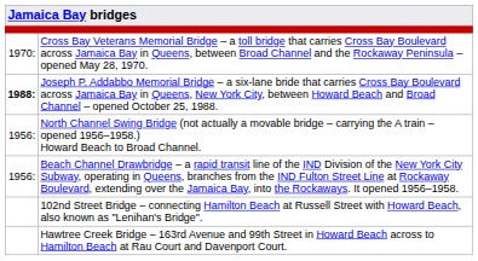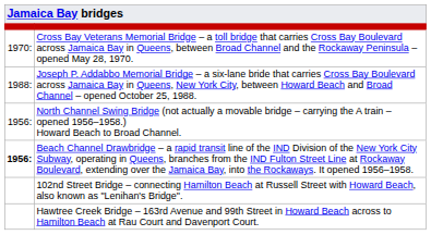 <table class="wikitable sortable collapsible static-row-numbers"; cellpadding="1" style="color: black; background-color: #FFFFFF; font-size: 90%; width:100%">
 <tr class="static-row-header" style="text-align:center;vertical-align:bottom;">
 <th style="text-align:left; background:#eaecf0; border-style: solid; border-width: 0px 0px 0px 0px" colspan=2><big><strong><a href='#'>Jamaica Bay</a> bridges</strong></big></th>
 </tr>
 <tr style="border-style: solid; border-color: #c60001; border-width: 10px 0px 0px 0px;">
 <td width="5%" style="text-align:right">1970:</td>
 <td width="95%" style="text-align:left; border: 1px darkgray; border-style: none none solid none;"><a href='#'>Cross Bay Veterans Memorial Bridge</a> – a <a href='#'>toll bridge</a> that carries <a href='#'>Cross Bay Boulevard</a> across <a href='#'>Jamaica Bay</a> in <a href='#'>Queens</a>, between <a href='#'>Broad Channel</a> and the <a href='#'>Rockaway Peninsula</a> – opened May 28, 1970.</td>
 </tr>
 <tr>
-<td width="5%" style="text-align:right"><strong>1988:</strong></td>
+<td width="5%" style="text-align:right">1988:</td>
 <td width="95%" style="text-align:left; border: 1px darkgray; border-style: none none solid none;"><a href='#'>Joseph P. Addabbo Memorial Bridge</a> – a six-lane bride that carries <a href='#'>Cross Bay Boulevard</a> across <a href='#'>Jamaica Bay</a> in <a href='#'>Queens</a>, <a href='#'>New York City</a>, between <a href='#'>Howard Beach</a> and <a href='#'>Broad Channel</a> – opened October 25, 1988.</td>
 </tr>
 <tr>
 <td width="5%" style="text-align:right">1956:</td>
 <td width="95%" style="text-align:left; border: 1px darkgray; border-style: none none solid none;"><a href='#'>North Channel Swing Bridge</a> (not actually a movable bridge – carrying the A train – opened 1956–1958.)<br>Howard Beach to Broad Channel.</td>
 </tr>
 <tr>
-<td width="5%" style="text-align:right">1956:</td>
+<td width="5%" style="text-align:right"><strong>1956:</strong></td>
 <td width="95%" style="text-align:left; border: 1px darkgray; border-style: none none solid none;"><a href='#'>Beach Channel Drawbridge</a> – a <a href='#'>rapid transit</a> line of the <a href='#'>IND</a> Division of the <a href='#'>New York City Subway</a>, operating in <a href='#'>Queens</a>, branches from the <a href='#'>IND Fulton Street Line</a> at <a href='#'>Rockaway Boulevard</a>, extending over the <a href='#'>Jamaica Bay</a>, into <a href='#'>the Rockaways</a>. It opened 1956–1958.</td>
 </tr>
 <tr>
 <td width="5%" style="text-align:right"></td>
 <td width="95%" style="text-align:left; border: 1px darkgray; border-style: none none solid none;">102nd Street Bridge – connecting <a href='#'>Hamilton Beach</a> at Russell Street with <a href='#'>Howard Beach</a>, also known as "Lenihan's Bridge".</td>
 </tr>
 <tr>
 <td width="5%" style="text-align:right"></td>
 <td width="95%" style="text-align:left; border: 1px darkgray; border-style: none none solid none;">Hawtree Creek Bridge – 163rd Avenue and 99th Street in <a href='#'>Howard Beach</a> across to <a href='#'>Hamilton Beach</a> at Rau Court and Davenport Court.</td>
 </tr>
 </table>
